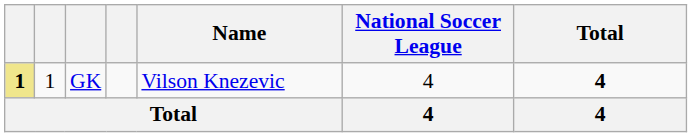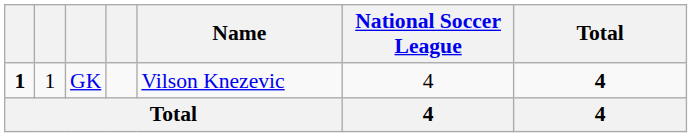 <table class="wikitable" style="text-align:center">
 <tr>
 <th width=15></th>
 <th width=15></th>
 <th width=15></th>
 <th width=15></th>
 <th width=145>Name</th>
 <th width=120><a href='#'>National Soccer League</a></th>
 <th width=120>Total</th>
 </tr>
 <tr>
-<td style="background: khaki;"><strong>1</strong></td>
+<td><strong>1</strong></td>
 <td>1</td>
 <td><a href='#'>GK</a></td>
 <td></td>
 <td align=left><a href='#'>Vilson Knezevic</a></td>
 <td>4</td>
 <td><strong>4</strong></td>
 </tr>
 <tr>
 <th colspan="5"><strong>Total</strong></th>
 <th>4</th>
 <th>4</th>
 </tr>
 </table>
